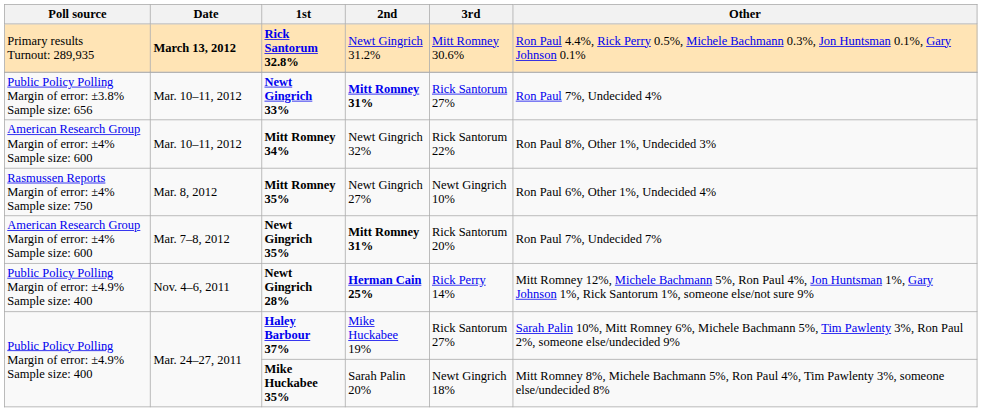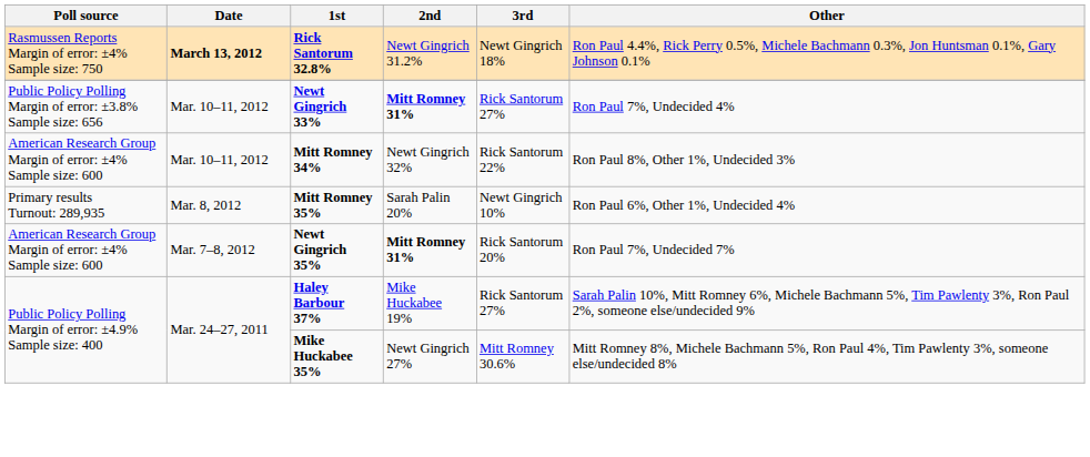 <table class="wikitable">
 <tr>
 <th style="width:180px;">Poll source</th>
 <th style="width:135px;">Date</th>
 <th style="width:100px;">1st</th>
 <th style="width:100px;">2nd</th>
 <th style="width:100px;">3rd</th>
 <th>Other</th>
 </tr>
 <tr style="background:Moccasin;">
-<td>Primary results<br>Turnout: 289,935</td>
+<td><a href='#'>Rasmussen Reports</a><br>Margin of error: ±4%<br>Sample size: 750</td>
 <td><strong>March 13, 2012</strong></td>
 <td><strong><a href='#'>Rick Santorum</a><br>32.8% </strong></td>
 <td><a href='#'>Newt Gingrich</a> 31.2%</td>
-<td><a href='#'>Mitt Romney</a> 30.6%</td>
+<td>Newt Gingrich<br>18%</td>
 <td><a href='#'>Ron Paul</a> 4.4%, <a href='#'>Rick Perry</a> 0.5%, <a href='#'>Michele Bachmann</a> 0.3%, <a href='#'>Jon Huntsman</a> 0.1%, <a href='#'>Gary Johnson</a> 0.1%</td>
 </tr>
 <tr>
 </tr>
 <tr>
 <td><a href='#'>Public Policy Polling </a><br>Margin of error: ±3.8%<br>Sample size: 656</td>
 <td>Mar. 10–11, 2012</td>
 <td><strong><a href='#'>Newt Gingrich</a><br>33%</strong></td>
 <td><strong><a href='#'>Mitt Romney</a><br>31%</strong></td>
 <td><a href='#'>Rick Santorum</a><br>27%</td>
 <td><a href='#'>Ron Paul</a> 7%, Undecided 4%</td>
 </tr>
 <tr>
 <td><a href='#'>American Research Group</a><br>Margin of error: ±4%<br>Sample size: 600</td>
 <td>Mar. 10–11, 2012</td>
 <td><strong>Mitt Romney<br>34%</strong></td>
 <td>Newt Gingrich<br>32%</td>
 <td>Rick Santorum<br>22%</td>
 <td>Ron Paul 8%, Other 1%, Undecided 3%</td>
 </tr>
 <tr>
-<td><a href='#'>Rasmussen Reports</a><br>Margin of error: ±4%<br>Sample size: 750</td>
+<td>Primary results<br>Turnout: 289,935</td>
 <td>Mar. 8, 2012</td>
 <td><strong>Mitt Romney<br>35%</strong></td>
-<td>Newt Gingrich<br>27%</td>
+<td>Sarah Palin<br>20%</td>
 <td>Newt Gingrich<br>10%</td>
 <td>Ron Paul 6%, Other 1%, Undecided 4%</td>
 </tr>
 <tr>
 <td><a href='#'>American Research Group</a><br>Margin of error: ±4% <br>Sample size: 600</td>
 <td>Mar. 7–8, 2012</td>
 <td><strong>Newt Gingrich<br>35%</strong></td>
 <td><strong>Mitt Romney<br>31%</strong></td>
 <td>Rick Santorum<br>20%</td>
 <td>Ron Paul 7%, Undecided 7%</td>
 </tr>
 <tr>
-<td><a href='#'>Public Policy Polling</a><br>Margin of error: ±4.9% <br>Sample size: 400</td>
-<td>Nov. 4–6, 2011</td>
-<td><strong>Newt Gingrich<br>28%</strong></td>
-<td><strong><a href='#'>Herman Cain</a><br>25%</strong></td>
-<td><a href='#'>Rick Perry</a><br>14%</td>
-<td>Mitt Romney 12%, <a href='#'>Michele Bachmann</a> 5%, Ron Paul 4%, <a href='#'>Jon Huntsman</a> 1%, <a href='#'>Gary Johnson</a> 1%, Rick Santorum 1%, someone else/not sure 9%</td>
-</tr>
-<tr>
 <td rowspan=2><a href='#'>Public Policy Polling</a><br>Margin of error: ±4.9% <br>Sample size: 400</td>
 <td rowspan=2>Mar. 24–27, 2011</td>
 <td><strong><a href='#'>Haley Barbour</a><br>37%</strong></td>
 <td><a href='#'>Mike Huckabee</a><br>19%</td>
 <td>Rick Santorum<br>27%</td>
 <td><a href='#'>Sarah Palin</a> 10%, Mitt Romney 6%, Michele Bachmann 5%, <a href='#'>Tim Pawlenty</a> 3%, Ron Paul 2%, someone else/undecided 9%</td>
 </tr>
 <tr>
 <td><strong>Mike Huckabee<br>35%</strong></td>
-<td>Sarah Palin<br>20%</td>
-<td>Newt Gingrich<br>18%</td>
+<td>Newt Gingrich<br>27%</td>
+<td><a href='#'>Mitt Romney</a> 30.6%</td>
 <td>Mitt Romney 8%, Michele Bachmann 5%, Ron Paul 4%, Tim Pawlenty 3%, someone else/undecided 8%</td>
 </tr>
 </table>
